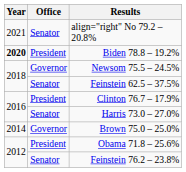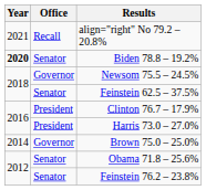 <table class=wikitable>
 <tr>
 <th width="30">Year</th>
 <th width="60">Office</th>
 <th width="180">Results</th>
 </tr>
 <tr>
 <td>2021</td>
-<td><a href='#'>Senator</a></td>
+<td><a href='#'>Recall</a></td>
 <td>align="right"   No 79.2 – 20.8%</td>
 </tr>
 <tr>
 <td><strong>2020</strong></td>
-<td><a href='#'>President</a></td>
+<td><a href='#'>Senator</a></td>
 <td align="right" ><a href='#'>Biden</a> 78.8 – 19.2%</td>
 </tr>
 <tr>
 <td rowspan="2">2018</td>
 <td><a href='#'>Governor</a></td>
 <td align="right" ><a href='#'>Newsom</a> 75.5 – 24.5%</td>
 </tr>
 <tr>
 <td><a href='#'>Senator</a></td>
 <td align="right" ><a href='#'>Feinstein</a> 62.5 – 37.5%</td>
 </tr>
 <tr>
 <td rowspan="2">2016</td>
 <td><a href='#'>President</a></td>
 <td align="right" ><a href='#'>Clinton</a> 76.7 – 17.9%</td>
 </tr>
 <tr>
-<td><a href='#'>Senator</a></td>
+<td><a href='#'>President</a></td>
 <td align="right" ><a href='#'>Harris</a> 73.0 – 27.0%</td>
 </tr>
 <tr>
 <td>2014</td>
 <td><a href='#'>Governor</a></td>
 <td align="right" ><a href='#'>Brown</a> 75.0 – 25.0%</td>
 </tr>
 <tr>
 <td rowspan="2">2012</td>
-<td><a href='#'>President</a></td>
+<td><a href='#'>Senator</a></td>
 <td align="right" ><a href='#'>Obama</a> 71.8 – 25.6%</td>
 </tr>
 <tr>
 <td><a href='#'>Senator</a></td>
 <td align="right" ><a href='#'>Feinstein</a> 76.2 – 23.8%</td>
 </tr>
 </table>
